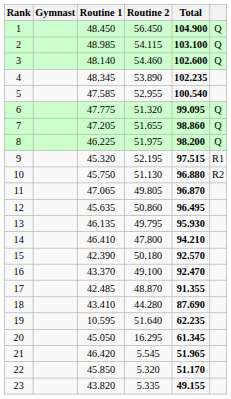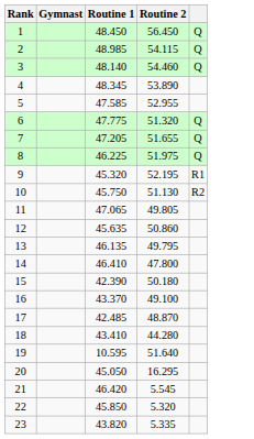 <table class="wikitable sortable" style="text-align:center">
 <tr>
 <th>Rank</th>
 <th>Gymnast</th>
 <th>Routine 1</th>
 <th>Routine 2</th>
-<th>Total</th>
 <th></th>
 </tr>
 <tr bgcolor=ccffcc>
 <td>1</td>
 <td align=left></td>
 <td>48.450</td>
 <td>56.450</td>
-<td><strong>104.900</strong></td>
 <td>Q</td>
 </tr>
 <tr bgcolor=ccffcc>
 <td>2</td>
 <td align=left></td>
 <td>48.985</td>
 <td>54.115</td>
-<td><strong>103.100</strong></td>
 <td>Q</td>
 </tr>
 <tr bgcolor=ccffcc>
 <td>3</td>
 <td align=left></td>
 <td>48.140</td>
 <td>54.460</td>
-<td><strong>102.600</strong></td>
 <td>Q</td>
 </tr>
 <tr>
 <td>4</td>
 <td align=left></td>
 <td>48.345</td>
 <td>53.890</td>
-<td><strong>102.235</strong></td>
 <td></td>
 </tr>
 <tr>
 <td>5</td>
 <td align=left></td>
 <td>47.585</td>
 <td>52.955</td>
-<td><strong>100.540</strong></td>
 <td></td>
 </tr>
 <tr bgcolor=ccffcc>
 <td>6</td>
 <td align=left></td>
 <td>47.775</td>
 <td>51.320</td>
-<td><strong>99.095</strong></td>
 <td>Q</td>
 </tr>
 <tr bgcolor=ccffcc>
 <td>7</td>
 <td align=left></td>
 <td>47.205</td>
 <td>51.655</td>
-<td><strong>98.860</strong></td>
 <td>Q</td>
 </tr>
 <tr bgcolor=ccffcc>
 <td>8</td>
 <td align=left></td>
 <td>46.225</td>
 <td>51.975</td>
-<td><strong>98.200</strong></td>
 <td>Q</td>
 </tr>
 <tr>
 <td>9</td>
 <td align=left></td>
 <td>45.320</td>
 <td>52.195</td>
-<td><strong>97.515</strong></td>
 <td>R1</td>
 </tr>
 <tr>
 <td>10</td>
 <td align=left></td>
 <td>45.750</td>
 <td>51.130</td>
-<td><strong>96.880</strong></td>
 <td>R2</td>
 </tr>
 <tr>
 <td>11</td>
 <td align=left></td>
 <td>47.065</td>
 <td>49.805</td>
-<td><strong>96.870</strong></td>
 <td></td>
 </tr>
 <tr>
 <td>12</td>
 <td align=left></td>
 <td>45.635</td>
 <td>50.860</td>
-<td><strong>96.495</strong></td>
 <td></td>
 </tr>
 <tr>
 <td>13</td>
 <td align=left></td>
 <td>46.135</td>
 <td>49.795</td>
-<td><strong>95.930</strong></td>
 <td></td>
 </tr>
 <tr>
 <td>14</td>
 <td align=left></td>
 <td>46.410</td>
 <td>47.800</td>
-<td><strong>94.210</strong></td>
 <td></td>
 </tr>
 <tr>
 <td>15</td>
 <td align=left></td>
 <td>42.390</td>
 <td>50.180</td>
-<td><strong>92.570</strong></td>
 <td></td>
 </tr>
 <tr>
 <td>16</td>
 <td align=left></td>
 <td>43.370</td>
 <td>49.100</td>
-<td><strong>92.470</strong></td>
 <td></td>
 </tr>
 <tr>
 <td>17</td>
 <td align=left></td>
 <td>42.485</td>
 <td>48.870</td>
-<td><strong>91.355</strong></td>
 <td></td>
 </tr>
 <tr>
 <td>18</td>
 <td align=left></td>
 <td>43.410</td>
 <td>44.280</td>
-<td><strong>87.690</strong></td>
 <td></td>
 </tr>
 <tr>
 <td>19</td>
 <td align=left></td>
 <td>10.595</td>
 <td>51.640</td>
-<td><strong>62.235</strong></td>
 <td></td>
 </tr>
 <tr>
 <td>20</td>
 <td align=left></td>
 <td>45.050</td>
 <td>16.295</td>
-<td><strong>61.345</strong></td>
 <td></td>
 </tr>
 <tr>
 <td>21</td>
 <td align=left></td>
 <td>46.420</td>
 <td>5.545</td>
-<td><strong>51.965</strong></td>
 <td></td>
 </tr>
 <tr>
 <td>22</td>
 <td align=left></td>
 <td>45.850</td>
 <td>5.320</td>
-<td><strong>51.170</strong></td>
 <td></td>
 </tr>
 <tr>
 <td>23</td>
 <td align=left></td>
 <td>43.820</td>
 <td>5.335</td>
-<td><strong>49.155</strong></td>
 <td></td>
 </tr>
 </table>
